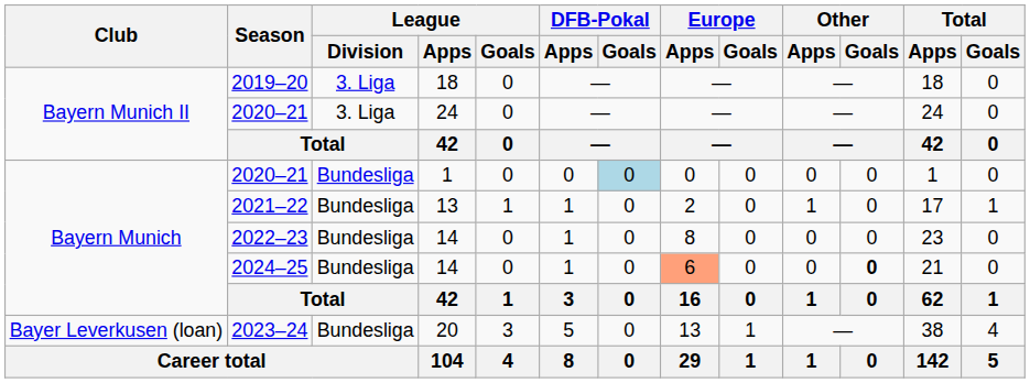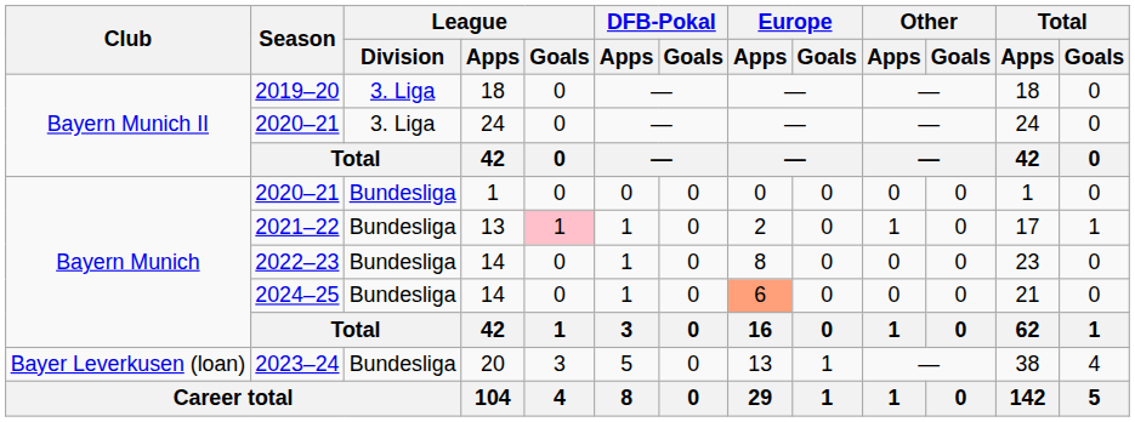 <table class="wikitable" style="text-align: center">
 <tr>
 <th rowspan="2">Club</th>
 <th rowspan="2">Season</th>
 <th colspan="3">League</th>
 <th colspan="2"><a href='#'>DFB-Pokal</a></th>
 <th colspan="2"><a href='#'>Europe</a></th>
 <th colspan="2">Other</th>
 <th colspan="2">Total</th>
 </tr>
 <tr>
 <th>Division</th>
 <th>Apps</th>
 <th>Goals</th>
 <th>Apps</th>
 <th>Goals</th>
 <th>Apps</th>
 <th>Goals</th>
 <th>Apps</th>
 <th>Goals</th>
 <th>Apps</th>
 <th>Goals</th>
 </tr>
 <tr>
 <td rowspan="3"><a href='#'>Bayern Munich II</a></td>
 <td><a href='#'>2019–20</a></td>
 <td><a href='#'>3. Liga</a></td>
 <td>18</td>
 <td>0</td>
 <td colspan="2">—</td>
 <td colspan="2">—</td>
 <td colspan="2">—</td>
 <td>18</td>
 <td>0</td>
 </tr>
 <tr>
 <td><a href='#'>2020–21</a></td>
 <td>3. Liga</td>
 <td>24</td>
 <td>0</td>
 <td colspan="2">—</td>
 <td colspan="2">—</td>
 <td colspan="2">—</td>
 <td>24</td>
 <td>0</td>
 </tr>
 <tr>
 <th colspan="2">Total</th>
 <th>42</th>
 <th>0</th>
 <th colspan="2">—</th>
 <th colspan="2">—</th>
 <th colspan="2">—</th>
 <th>42</th>
 <th>0</th>
 </tr>
 <tr>
 <td rowspan="5"><a href='#'>Bayern Munich</a></td>
 <td><a href='#'>2020–21</a></td>
 <td><a href='#'>Bundesliga</a></td>
 <td>1</td>
 <td>0</td>
 <td>0</td>
-<td style="background: lightblue;">0</td>
+<td>0</td>
 <td>0</td>
 <td>0</td>
 <td>0</td>
 <td>0</td>
 <td>1</td>
 <td>0</td>
 </tr>
 <tr>
 <td><a href='#'>2021–22</a></td>
 <td>Bundesliga</td>
 <td>13</td>
-<td>1</td>
+<td style="background: pink;">1</td>
 <td>1</td>
 <td>0</td>
 <td>2</td>
 <td>0</td>
 <td>1</td>
 <td>0</td>
 <td>17</td>
 <td>1</td>
 </tr>
 <tr>
 <td><a href='#'>2022–23</a></td>
 <td>Bundesliga</td>
 <td>14</td>
 <td>0</td>
 <td>1</td>
 <td>0</td>
 <td>8</td>
 <td>0</td>
 <td>0</td>
 <td>0</td>
 <td>23</td>
 <td>0</td>
 </tr>
 <tr>
 <td><a href='#'>2024–25</a></td>
 <td>Bundesliga</td>
 <td>14</td>
 <td>0</td>
 <td>1</td>
 <td>0</td>
 <td style="background: lightsalmon;">6</td>
 <td>0</td>
 <td>0</td>
-<td><strong>0</strong></td>
+<td>0</td>
 <td>21</td>
 <td>0</td>
 </tr>
 <tr>
 <th colspan="2">Total</th>
 <th>42</th>
 <th>1</th>
 <th>3</th>
 <th>0</th>
 <th>16</th>
 <th>0</th>
 <th>1</th>
 <th>0</th>
 <th>62</th>
 <th>1</th>
 </tr>
 <tr>
 <td><a href='#'>Bayer Leverkusen</a> (loan)</td>
 <td><a href='#'>2023–24</a></td>
 <td>Bundesliga</td>
 <td>20</td>
 <td>3</td>
 <td>5</td>
 <td>0</td>
 <td>13</td>
 <td>1</td>
 <td colspan="2">—</td>
 <td>38</td>
 <td>4</td>
 </tr>
 <tr>
 <th colspan="3">Career total</th>
 <th>104</th>
 <th>4</th>
 <th>8</th>
 <th>0</th>
 <th>29</th>
 <th>1</th>
 <th>1</th>
 <th>0</th>
 <th>142</th>
 <th>5</th>
 </tr>
 </table>
